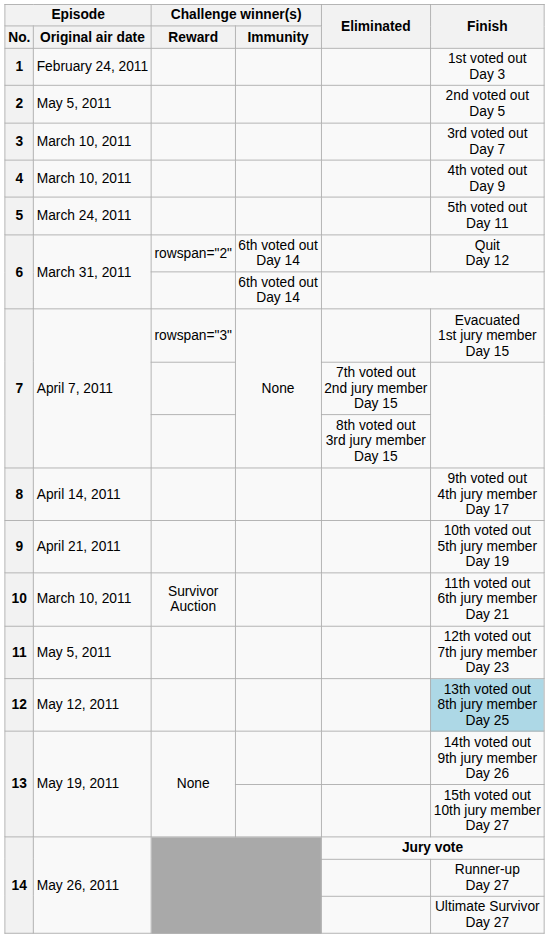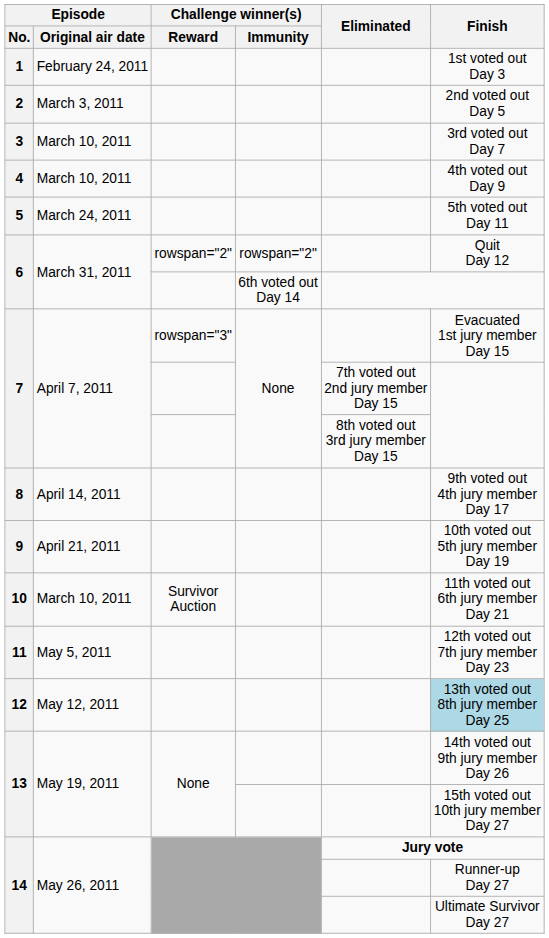 <table class="wikitable" style="margin:auto; text-align:center">
 <tr>
 <th colspan=2>Episode</th>
 <th colspan=2>Challenge winner(s)</th>
 <th rowspan=2>Eliminated</th>
 <th rowspan=2>Finish</th>
 </tr>
 <tr>
 <th>No.</th>
 <th>Original air date</th>
 <th>Reward</th>
 <th>Immunity</th>
 </tr>
 <tr>
 <th>1</th>
 <td style="text-align:left">February 24, 2011</td>
 <td></td>
 <td></td>
 <td></td>
 <td>1st voted out<br>Day 3</td>
 </tr>
 <tr>
 <th>2</th>
-<td style="text-align:left">May 5, 2011</td>
+<td style="text-align:left">March 3, 2011</td>
 <td></td>
 <td></td>
 <td></td>
 <td>2nd voted out<br>Day 5</td>
 </tr>
 <tr>
 <th>3</th>
 <td style="text-align:left">March 10, 2011</td>
 <td></td>
 <td></td>
 <td></td>
 <td>3rd voted out<br>Day 7</td>
 </tr>
 <tr>
 <th>4</th>
 <td style="text-align:left">March 10, 2011</td>
 <td></td>
 <td></td>
 <td></td>
 <td>4th voted out<br>Day 9</td>
 </tr>
 <tr>
 <th>5</th>
 <td style="text-align:left">March 24, 2011</td>
 <td></td>
 <td></td>
 <td></td>
 <td>5th voted out<br>Day 11</td>
 </tr>
 <tr>
 <th rowspan="2">6</th>
 <td rowspan="2" style="text-align:left">March 31, 2011</td>
 <td>rowspan="2" </td>
-<td>6th voted out<br>Day 14</td>
+<td>rowspan="2" </td>
 <td></td>
 <td>Quit<br>Day 12</td>
 </tr>
 <tr>
 <td></td>
 <td>6th voted out<br>Day 14</td>
 </tr>
 <tr>
 <th rowspan="3">7</th>
 <td rowspan="3" style="text-align:left">April 7, 2011</td>
 <td>rowspan="3" </td>
 <td rowspan="3">None</td>
 <td></td>
 <td>Evacuated<br>1st jury member<br>Day 15</td>
 </tr>
 <tr>
 <td></td>
 <td>7th voted out<br>2nd jury member<br>Day 15</td>
 </tr>
 <tr>
 <td></td>
 <td>8th voted out<br>3rd jury member<br>Day 15</td>
 </tr>
 <tr>
 <th>8</th>
 <td style="text-align:left">April 14, 2011</td>
 <td></td>
 <td></td>
 <td></td>
 <td>9th voted out<br>4th jury member<br>Day 17</td>
 </tr>
 <tr>
 <th>9</th>
 <td style="text-align:left">April 21, 2011</td>
 <td></td>
 <td></td>
 <td></td>
 <td>10th voted out<br>5th jury member<br>Day 19</td>
 </tr>
 <tr>
 <th>10</th>
 <td style="text-align:left">March 10, 2011</td>
 <td>Survivor<br>Auction</td>
 <td></td>
 <td></td>
 <td>11th voted out<br>6th jury member<br>Day 21</td>
 </tr>
 <tr>
 <th>11</th>
 <td style="text-align:left">May 5, 2011</td>
 <td></td>
 <td></td>
 <td></td>
 <td>12th voted out<br>7th jury member<br>Day 23</td>
 </tr>
 <tr>
 <th>12</th>
 <td style="text-align:left">May 12, 2011</td>
 <td></td>
 <td></td>
 <td></td>
 <td style="background: lightblue;">13th voted out<br>8th jury member<br>Day 25</td>
 </tr>
 <tr>
 <th rowspan="2">13</th>
 <td rowspan="2" style="text-align:left">May 19, 2011</td>
 <td rowspan="2">None</td>
 <td></td>
 <td></td>
 <td>14th voted out<br>9th jury member<br>Day 26</td>
 </tr>
 <tr>
 <td></td>
 <td></td>
 <td>15th voted out<br>10th jury member<br>Day 27</td>
 </tr>
 <tr>
 <th rowspan="3">14</th>
 <td rowspan="3" style="text-align:left">May 26, 2011</td>
 <td rowspan="3" colspan="2" style="background:darkgray"></td>
 <td colspan="2"><strong>Jury vote</strong></td>
 </tr>
 <tr>
 <td></td>
 <td>Runner-up<br>Day 27</td>
 </tr>
 <tr>
 <td></td>
 <td>Ultimate Survivor<br>Day 27</td>
 </tr>
 </table>
